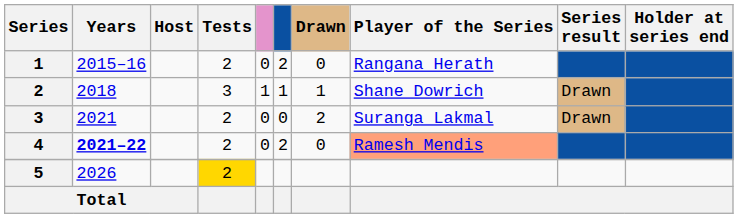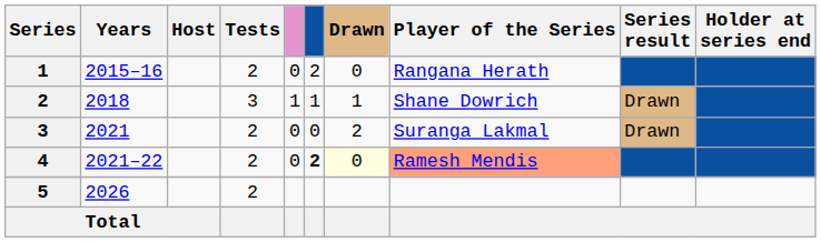 <table class="wikitable">
 <tr>
 <th>Series</th>
 <th>Years</th>
 <th>Host</th>
 <th>Tests</th>
 <th style="background:#E494CC"></th>
 <th style="background:#0a50a1"></th>
 <th style="background:#deb887">Drawn</th>
 <th>Player of the Series</th>
 <th>Series<br>result</th>
 <th>Holder at<br>series end</th>
 </tr>
 <tr>
 <th align="center">1</th>
 <td><a href='#'>2015–16</a></td>
 <td></td>
 <td align="center">2</td>
 <td align="center">0</td>
 <td align="center">2</td>
 <td align="center">0</td>
 <td> <a href='#'>Rangana Herath</a></td>
 <td bgcolor=#0a50a1></td>
 <td bgcolor=#0a50a1></td>
 </tr>
 <tr>
 <th align="center">2</th>
 <td><a href='#'>2018</a></td>
 <td></td>
 <td align="center">3</td>
 <td align="center">1</td>
 <td align="center">1</td>
 <td align="center">1</td>
 <td> <a href='#'>Shane Dowrich</a></td>
 <td bgcolor=#deb887>Drawn</td>
 <td bgcolor=#0a50a1></td>
 </tr>
 <tr>
 <th align="center">3</th>
 <td><a href='#'>2021</a></td>
 <td></td>
 <td align="center">2</td>
 <td align="center">0</td>
 <td align="center">0</td>
 <td align="center">2</td>
 <td> <a href='#'>Suranga Lakmal</a></td>
 <td bgcolor=#deb887>Drawn</td>
 <td bgcolor=#0a50a1></td>
 </tr>
 <tr>
 <th align="center">4</th>
-<td><strong><a href='#'>2021–22</a></strong></td>
+<td><a href='#'>2021–22</a></td>
 <td></td>
 <td align="center">2</td>
 <td align="center">0</td>
-<td align="center">2</td>
-<td align="center">0</td>
+<td align="center"><strong>2</strong></td>
+<td align="center" style="background: lightyellow;">0</td>
 <td style="background: lightsalmon;"> <a href='#'>Ramesh Mendis</a></td>
 <td bgcolor=#0a50a1></td>
 <td bgcolor=#0a50a1></td>
 </tr>
 <tr>
 </tr>
 <tr>
 <th align="center">5</th>
 <td><a href='#'> 2026</a></td>
 <td></td>
-<td align="center" style="background: gold;">2</td>
+<td align="center">2</td>
 <td align="center"></td>
 <td align="center"></td>
 <td align="center"></td>
 <td></td>
 <td></td>
 <td></td>
 </tr>
 <tr>
 <th colspan="3" align="center" style="bold">Total</th>
 <th></th>
 <th></th>
 <th></th>
 <th></th>
 <th colspan="3" align="center" style="bold"></th>
 </tr>
 </table>
